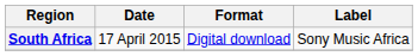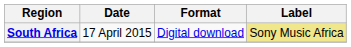 <table class="wikitable plainrowheaders">
 <tr>
 <th>Region</th>
 <th>Date</th>
 <th>Format</th>
 <th>Label</th>
 </tr>
 <tr>
 <th scope="row"><a href='#'>South Africa</a></th>
 <td>17 April 2015</td>
 <td><a href='#'>Digital download</a></td>
-<td>Sony Music Africa</td>
+<td style="background: khaki;">Sony Music Africa</td>
 </tr>
 <tr>
 </tr>
 </table>
